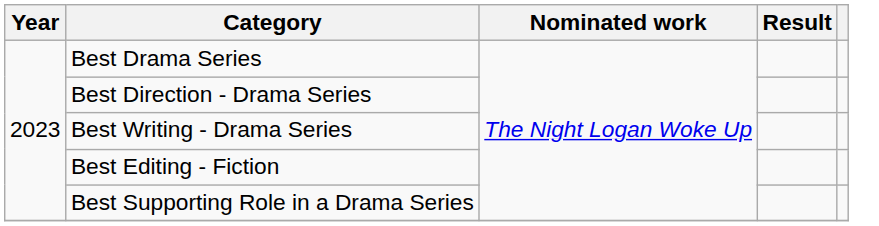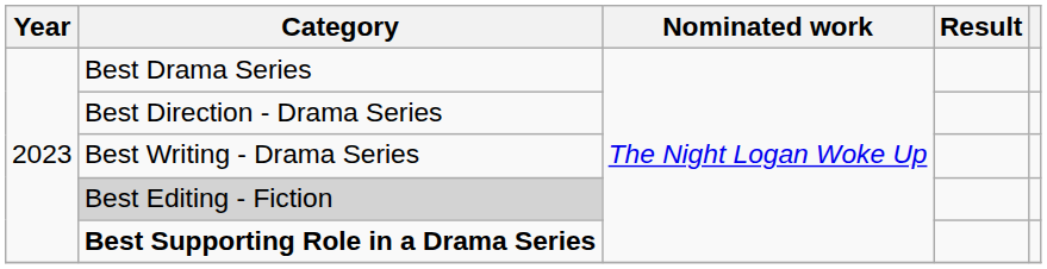 <table class="wikitable sortable">
 <tr>
 <th>Year</th>
 <th>Category</th>
 <th>Nominated work</th>
 <th>Result</th>
 <th></th>
 </tr>
 <tr>
 <td rowspan="5">2023</td>
 <td>Best Drama Series</td>
 <td rowspan="5"><em><a href='#'>The Night Logan Woke Up</a></em></td>
 <td></td>
 <td></td>
 </tr>
 <tr>
 <td>Best Direction - Drama Series</td>
 <td></td>
 <td></td>
 </tr>
 <tr>
 <td>Best Writing - Drama Series</td>
 <td></td>
 <td></td>
 </tr>
 <tr>
-<td>Best Editing - Fiction</td>
+<td style="background: lightgrey;">Best Editing - Fiction</td>
 <td></td>
 <td></td>
 </tr>
 <tr>
-<td>Best Supporting Role in a Drama Series</td>
+<td><strong>Best Supporting Role in a Drama Series</strong></td>
 <td></td>
 <td></td>
 </tr>
 <tr>
 </tr>
 </table>
